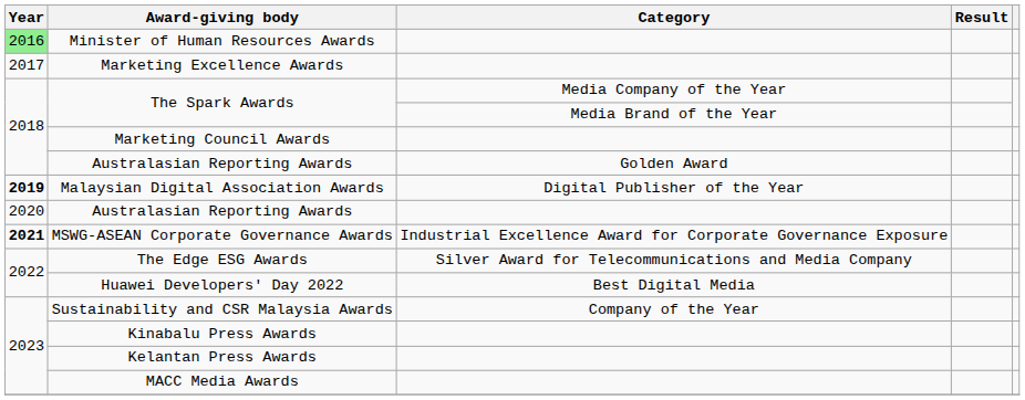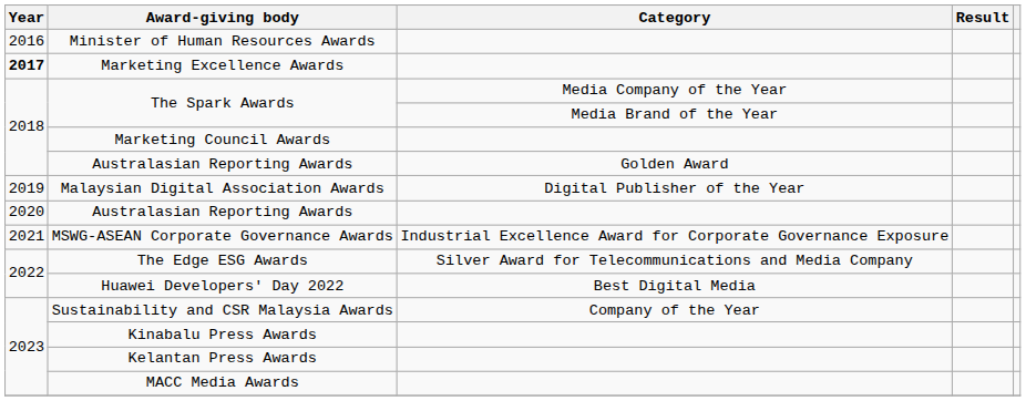 <table class="wikitable" style="text-align:center">
 <tr>
 <th>Year</th>
 <th>Award-giving body</th>
 <th>Category</th>
 <th>Result</th>
 <th></th>
 </tr>
 <tr>
-<td style="background: lightgreen;">2016</td>
+<td>2016</td>
 <td>Minister of Human Resources Awards</td>
 <td></td>
 <td></td>
 <td></td>
 </tr>
 <tr>
-<td>2017</td>
+<td><strong>2017</strong></td>
 <td>Marketing Excellence Awards</td>
 <td></td>
 <td></td>
 <td></td>
 </tr>
 <tr>
 <td rowspan="4">2018</td>
 <td rowspan="2">The Spark Awards</td>
 <td>Media Company of the Year</td>
 <td></td>
 <td rowspan="2"></td>
 </tr>
 <tr>
 <td>Media Brand of the Year</td>
 <td></td>
 </tr>
 <tr>
 <td>Marketing Council Awards</td>
 <td></td>
 <td></td>
 <td></td>
 </tr>
 <tr>
 <td>Australasian Reporting Awards</td>
 <td>Golden Award</td>
 <td></td>
 <td></td>
 </tr>
 <tr>
-<td><strong>2019</strong></td>
+<td>2019</td>
 <td>Malaysian Digital Association Awards</td>
 <td>Digital Publisher of the Year</td>
 <td></td>
 <td></td>
 </tr>
 <tr>
 <td>2020</td>
 <td>Australasian Reporting Awards</td>
 <td></td>
 <td></td>
 <td></td>
 </tr>
 <tr>
-<td><strong>2021</strong></td>
+<td>2021</td>
 <td>MSWG-ASEAN Corporate Governance Awards</td>
 <td>Industrial Excellence Award for Corporate Governance Exposure</td>
 <td></td>
 <td></td>
 </tr>
 <tr>
 <td rowspan="2">2022</td>
 <td>The Edge ESG Awards</td>
 <td>Silver Award for Telecommunications and Media Company</td>
 <td></td>
 <td></td>
 </tr>
 <tr>
 <td>Huawei Developers' Day 2022</td>
 <td>Best Digital Media</td>
 <td></td>
 <td></td>
 </tr>
 <tr>
 <td rowspan="4">2023</td>
 <td>Sustainability and CSR Malaysia Awards</td>
 <td>Company of the Year</td>
 <td></td>
 <td></td>
 </tr>
 <tr>
 <td>Kinabalu Press Awards</td>
 <td></td>
 <td></td>
 <td></td>
 </tr>
 <tr>
 <td>Kelantan Press Awards</td>
 <td></td>
 <td></td>
 <td></td>
 </tr>
 <tr>
 <td>MACC Media Awards</td>
 <td></td>
 <td></td>
 <td></td>
 </tr>
 <tr>
 </tr>
 </table>
